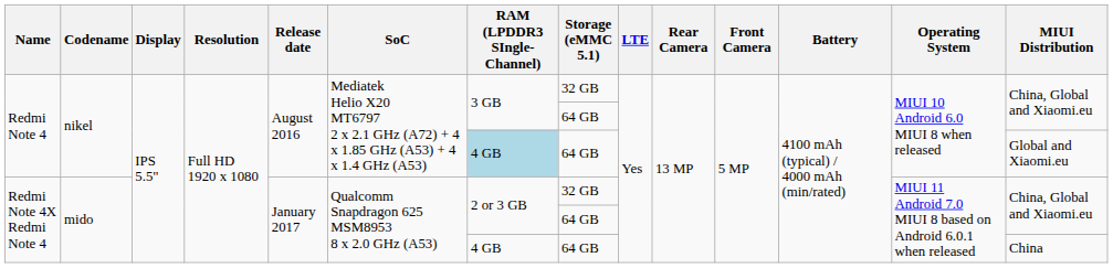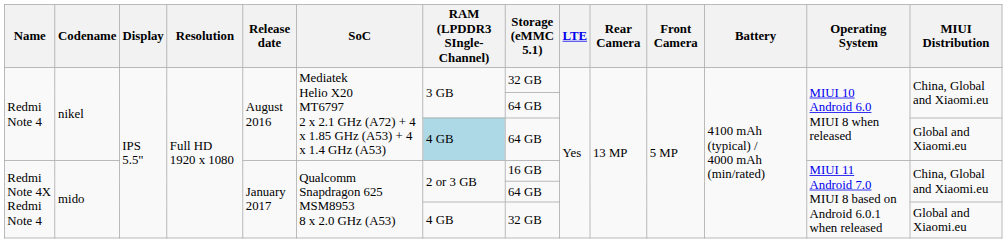 <table class="wikitable">
 <tr>
 <th>Name</th>
 <th>Codename</th>
 <th>Display</th>
 <th>Resolution</th>
 <th>Release date</th>
 <th>SoC</th>
 <th>RAM<br>(LPDDR3 SIngle-Channel)</th>
 <th>Storage<br>(eMMC 5.1)</th>
 <th><a href='#'>LTE</a></th>
 <th>Rear Camera</th>
 <th>Front Camera</th>
 <th>Battery</th>
 <th>Operating System</th>
 <th>MIUI Distribution</th>
 </tr>
 <tr>
 <td rowspan="3">Redmi Note 4</td>
 <td rowspan="3">nikel</td>
 <td rowspan="6">IPS 5.5"</td>
 <td rowspan="6">Full HD 1920 x 1080</td>
 <td rowspan="3">August 2016</td>
 <td rowspan="3">Mediatek<br>Helio X20<br>MT6797<br>2 x 2.1 GHz (A72) + 4 x 1.85 GHz (A53) + 4 x 1.4 GHz (A53)</td>
 <td rowspan="2">3 GB</td>
 <td>32 GB</td>
 <td rowspan="6">Yes</td>
 <td rowspan="6">13 MP</td>
 <td rowspan="6">5 MP</td>
 <td rowspan="6">4100 mAh (typical) / 4000 mAh (min/rated)</td>
 <td rowspan="3"><a href='#'>MIUI 10</a><br><a href='#'>Android 6.0</a><br>MIUI 8 when released</td>
 <td rowspan="2">China, Global and Xiaomi.eu</td>
 </tr>
 <tr>
 <td>64 GB</td>
 </tr>
 <tr>
 <td style="background: lightblue;">4 GB</td>
 <td>64 GB</td>
 <td>Global and Xiaomi.eu</td>
 </tr>
 <tr>
 <td rowspan="3">Redmi Note 4X<br>Redmi Note 4</td>
 <td rowspan="3">mido</td>
 <td rowspan="3">January 2017</td>
 <td rowspan="3">Qualcomm<br>Snapdragon 625<br>MSM8953<br>8 x 2.0 GHz (A53)</td>
 <td rowspan="2">2 or 3 GB</td>
-<td>32 GB</td>
+<td>16 GB</td>
 <td rowspan="3"><a href='#'>MIUI 11</a><br><a href='#'>Android 7.0</a><br>MIUI 8 based on Android 6.0.1 when released</td>
 <td rowspan="2">China, Global and Xiaomi.eu</td>
 </tr>
 <tr>
 <td>64 GB</td>
 </tr>
 <tr>
 <td>4 GB</td>
-<td>64 GB</td>
-<td>China</td>
+<td>32 GB</td>
+<td>Global and Xiaomi.eu</td>
 </tr>
 </table>
